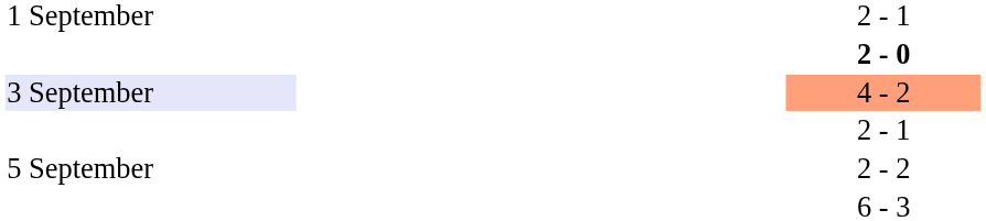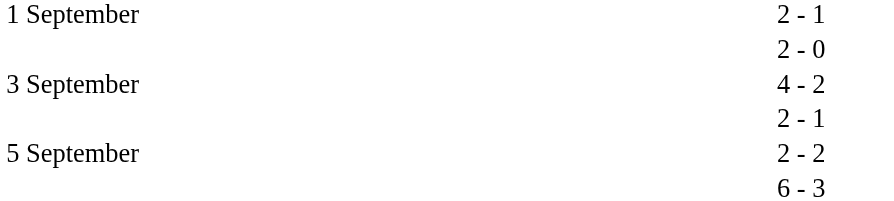 <table cellspacing="1" width="85%">
 <tr>
 <th width="15%"></th>
 <th width="25%"></th>
 <th width="10%"></th>
 <th width="25%"></th>
 <th width="25%"></th>
 </tr>
 <tr>
 <td>1 September</td>
 <td align="right"></td>
 <td align="center">2 - 1</td>
 <td></td>
 </tr>
 <tr>
 <td></td>
 <td align="right"></td>
-<td align="center"><strong>2 - 0</strong></td>
+<td align="center">2 - 0</td>
 <td></td>
 </tr>
 <tr>
-<td style="background: lavender;">3 September</td>
+<td>3 September</td>
 <td align="right"></td>
-<td align="center" style="background: lightsalmon;">4 - 2</td>
+<td align="center">4 - 2</td>
 <td></td>
 </tr>
 <tr>
 <td></td>
 <td align="right"></td>
 <td align="center">2 - 1</td>
 <td></td>
 </tr>
 <tr>
 <td>5 September</td>
 <td align="right"></td>
 <td align="center">2 - 2</td>
 <td></td>
 </tr>
 <tr>
 <td></td>
 <td align="right"></td>
 <td align="center">6 - 3</td>
 <td></td>
 </tr>
 </table>
